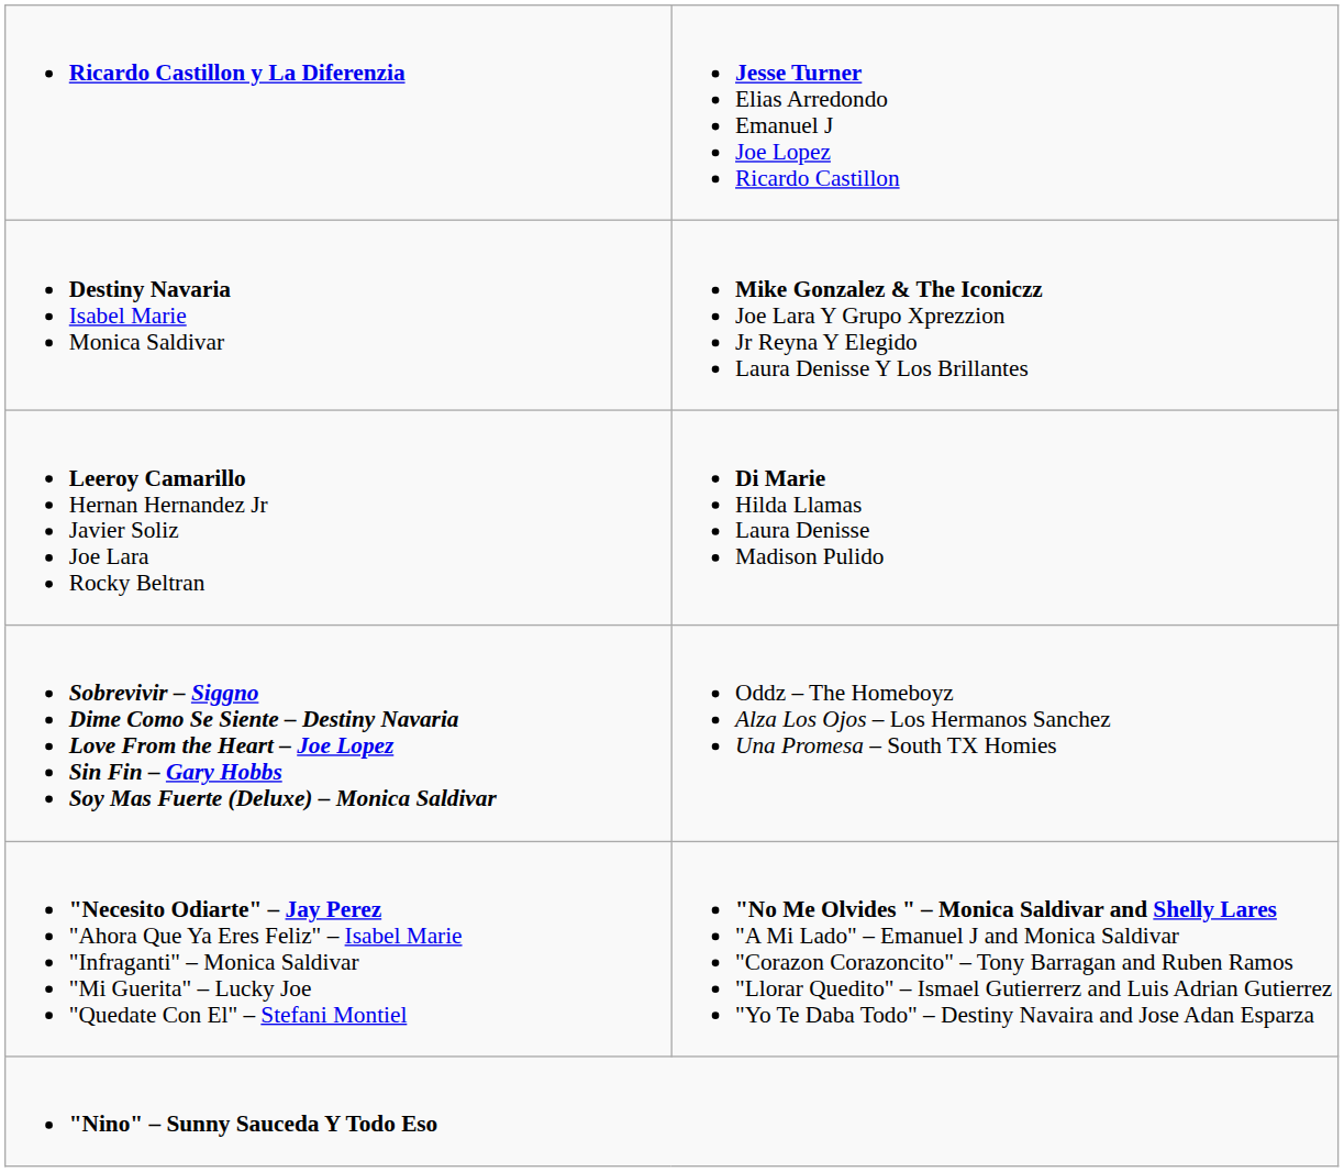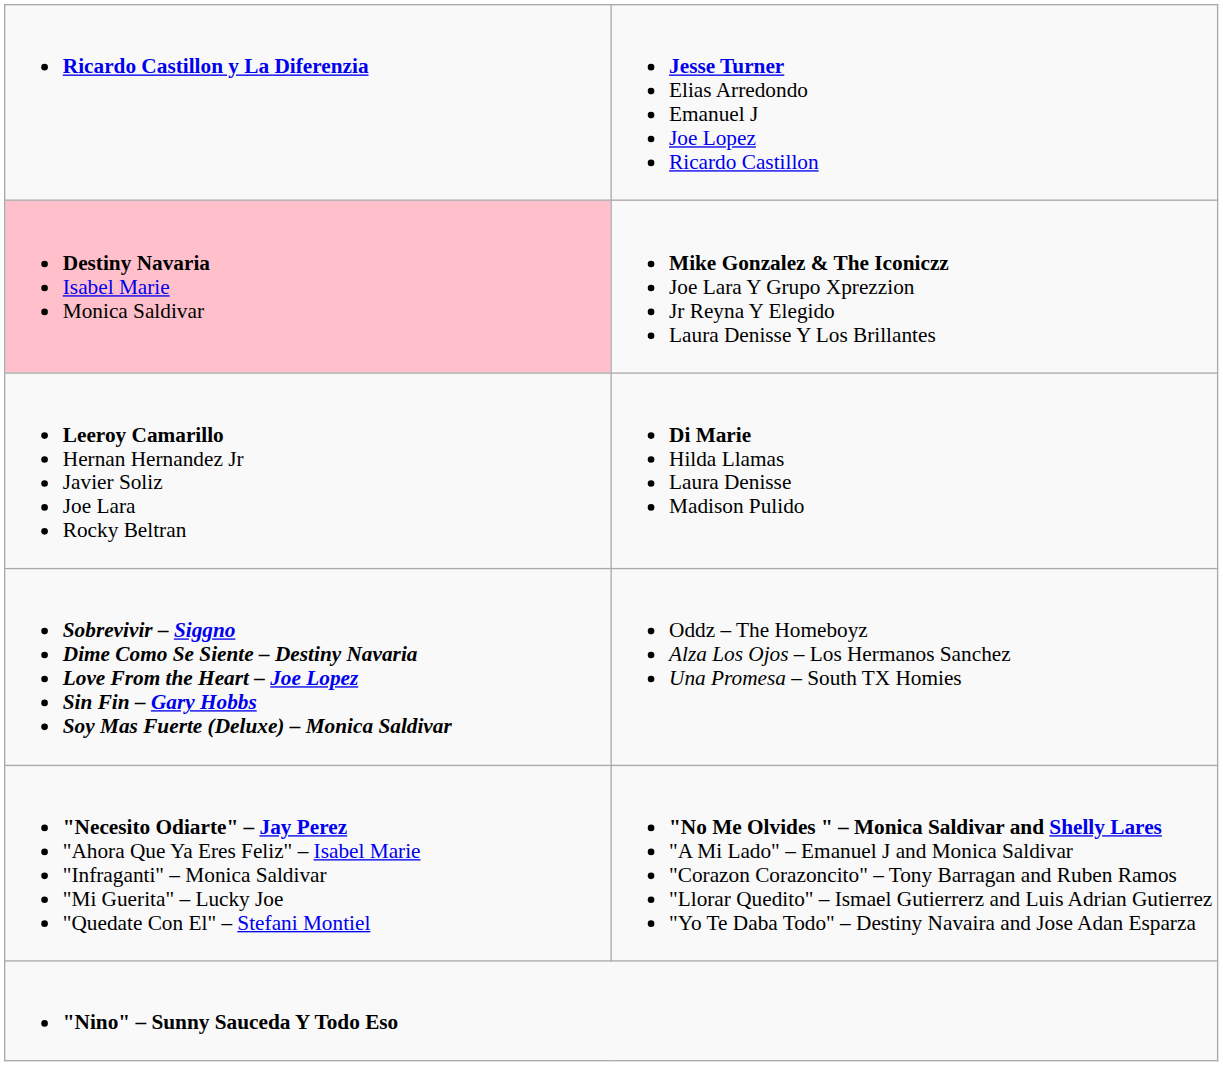 <table class="wikitable" role="presentation">
 <tr>
 <td style="vertical-align:top; width:50%;"><br><ul><li><strong><a href='#'>Ricardo Castillon y La Diferenzia</a></strong></li></ul></td>
 <td style="vertical-align:top; width:50%;"><br><ul><li><strong><a href='#'>Jesse Turner</a></strong></li><li>Elias Arredondo</li><li>Emanuel J</li><li><a href='#'>Joe Lopez</a></li><li><a href='#'>Ricardo Castillon</a></li></ul></td>
 </tr>
 <tr>
-<td style="vertical-align:top; width:50%;"><br><ul><li><strong>Destiny Navaria</strong></li><li><a href='#'>Isabel Marie</a></li><li>Monica Saldivar</li></ul></td>
+<td style="background: pink; vertical-align:top; width:50%;"><br><ul><li><strong>Destiny Navaria</strong></li><li><a href='#'>Isabel Marie</a></li><li>Monica Saldivar</li></ul></td>
 <td style="vertical-align:top; width:50%;"><br><ul><li><strong>Mike Gonzalez & The Iconiczz</strong></li><li>Joe Lara Y Grupo Xprezzion</li><li>Jr Reyna Y Elegido</li><li>Laura Denisse Y Los Brillantes</li></ul></td>
 </tr>
 <tr>
 <td style="vertical-align:top; width:50%;"><br><ul><li><strong>Leeroy Camarillo</strong></li><li>Hernan Hernandez Jr</li><li>Javier Soliz</li><li>Joe Lara</li><li>Rocky Beltran</li></ul></td>
 <td style="vertical-align:top; width:50%;"><br><ul><li><strong>Di Marie</strong></li><li>Hilda Llamas</li><li>Laura Denisse</li><li>Madison Pulido</li></ul></td>
 </tr>
 <tr>
 <td style="vertical-align:top; width:50%;"><br><ul><li><strong><em>Sobrevivir<em> – <a href='#'>Siggno</a><strong></li><li></em>Dime Como Se Siente<em> – Destiny Navaria</li><li></em>Love From the Heart<em> – <a href='#'>Joe Lopez</a></li><li></em>Sin Fin<em> – <a href='#'>Gary Hobbs</a></li><li></em>Soy Mas Fuerte (Deluxe)<em> – Monica Saldivar</li></ul></td>
 <td style="vertical-align:top; width:50%;"><br><ul><li></em></strong>Oddz</em> – The Homeboyz</strong></li><li><em>Alza Los Ojos</em> – Los Hermanos Sanchez</li><li><em>Una Promesa</em> – South TX Homies</li></ul></td>
 </tr>
 <tr>
 <td style="vertical-align:top; width:50%;"><br><ul><li><strong>"Necesito Odiarte" – <a href='#'>Jay Perez</a></strong></li><li>"Ahora Que Ya Eres Feliz" – <a href='#'>Isabel Marie</a></li><li>"Infraganti" – Monica Saldivar</li><li>"Mi Guerita" – Lucky Joe</li><li>"Quedate Con El" – <a href='#'>Stefani Montiel</a></li></ul></td>
 <td colspan="2" style="vertical-align:top; width:50%;"><br><ul><li><strong>"No Me Olvides " – Monica Saldivar and <a href='#'>Shelly Lares</a></strong></li><li>"A Mi Lado" – Emanuel J and Monica Saldivar</li><li>"Corazon Corazoncito" – Tony Barragan and Ruben Ramos</li><li>"Llorar Quedito" – Ismael Gutierrerz and Luis Adrian Gutierrez</li><li>"Yo Te Daba Todo" – Destiny Navaira and Jose Adan Esparza</li></ul></td>
 </tr>
 <tr>
 <td colspan="2" style="vertical-align:top; width:50%;"><br><ul><li><strong>"Nino" – Sunny Sauceda Y Todo Eso</strong></li></ul></td>
 </tr>
 </table>
